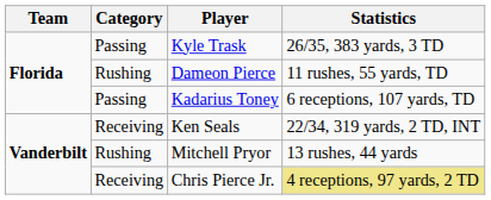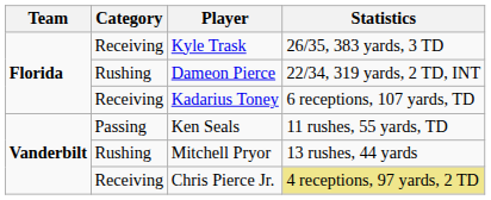 <table class="wikitable" style="float: left;">
 <tr>
 <th>Team</th>
 <th>Category</th>
 <th>Player</th>
 <th>Statistics</th>
 </tr>
 <tr>
 <td rowspan=3><strong>Florida</strong></td>
-<td>Passing</td>
+<td>Receiving</td>
 <td><a href='#'>Kyle Trask</a></td>
 <td>26/35, 383 yards, 3 TD</td>
 </tr>
 <tr>
 <td>Rushing</td>
 <td><a href='#'>Dameon Pierce</a></td>
-<td>11 rushes, 55 yards, TD</td>
+<td>22/34, 319 yards, 2 TD, INT</td>
 </tr>
 <tr>
-<td>Passing</td>
+<td>Receiving</td>
 <td><a href='#'>Kadarius Toney</a></td>
 <td>6 receptions, 107 yards, TD</td>
 </tr>
 <tr>
 <td rowspan=3><strong>Vanderbilt</strong></td>
-<td>Receiving</td>
+<td>Passing</td>
 <td>Ken Seals</td>
-<td>22/34, 319 yards, 2 TD, INT</td>
+<td>11 rushes, 55 yards, TD</td>
 </tr>
 <tr>
 <td>Rushing</td>
 <td>Mitchell Pryor</td>
 <td>13 rushes, 44 yards</td>
 </tr>
 <tr>
 <td>Receiving</td>
 <td>Chris Pierce Jr.</td>
 <td style="background: khaki;">4 receptions, 97 yards, 2 TD</td>
 </tr>
 </table>
